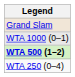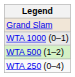 <table class=wikitable style=font-size:90%>
 <tr>
 <th>Legend</th>
 </tr>
 <tr>
 <td style="background:#f1e6d7;"><a href='#'>Grand Slam</a></td>
 </tr>
 <tr>
 <td style="background:#e9e9e9;"><a href='#'>WTA 1000</a> (0–1)</td>
 </tr>
 <tr>
-<td style="background:#d4f1c5;"><strong><a href='#'>WTA 500</a> (1–2)</strong></td>
+<td style="background:#d4f1c5;"><a href='#'>WTA 500</a> (1–2)</td>
 </tr>
 <tr>
 <td><a href='#'>WTA 250</a> (0–4)</td>
 </tr>
 </table>
